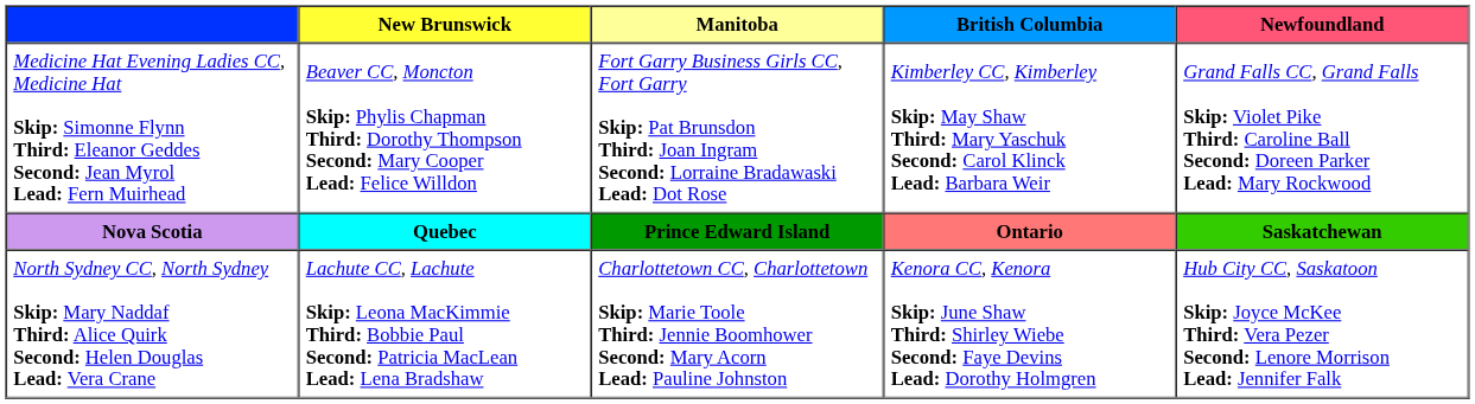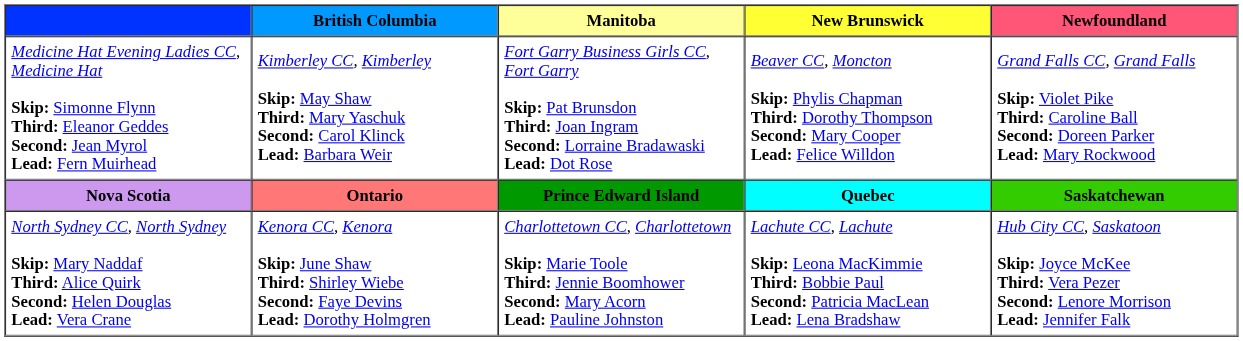 <table border=1 cellpadding=5 cellspacing=0>
 <tr>
 <th bgcolor="#0033ff" width="225"></th>
+<th bgcolor="#0099ff" width="225">British Columbia</th>
+<th bgcolor="#ffff99" width="225">Manitoba</th>
 <th bgcolor="#ffff33" width="225">New Brunswick</th>
-<th bgcolor="#ffff99" width="225">Manitoba</th>
-<th bgcolor="#0099ff" width="225">British Columbia</th>
 <th bgcolor="#ff5577" width="225">Newfoundland</th>
 </tr>
 <tr>
 <td><em><a href='#'>Medicine Hat Evening Ladies CC</a>, <a href='#'>Medicine Hat</a></em> <br><br><strong>Skip:</strong> <a href='#'>Simonne Flynn</a> <br> <strong>Third:</strong> <a href='#'>Eleanor Geddes</a> <br> <strong>Second:</strong> <a href='#'>Jean Myrol</a> <br> <strong>Lead:</strong> <a href='#'>Fern Muirhead</a></td>
+<td><em><a href='#'>Kimberley CC</a>, <a href='#'>Kimberley</a></em> <br><br><strong>Skip:</strong>  <a href='#'>May Shaw</a> <br> <strong>Third:</strong>  <a href='#'>Mary Yaschuk</a> <br> <strong>Second:</strong>  <a href='#'>Carol Klinck</a> <br> <strong>Lead:</strong> <a href='#'>Barbara Weir</a></td>
+<td><em><a href='#'>Fort Garry Business Girls CC</a>, <a href='#'>Fort Garry</a></em> <br><br><strong>Skip:</strong> <a href='#'>Pat Brunsdon</a> <br> <strong>Third:</strong> <a href='#'>Joan Ingram</a> <br> <strong>Second:</strong> <a href='#'>Lorraine Bradawaski</a> <br> <strong>Lead:</strong> <a href='#'>Dot Rose</a></td>
 <td><em><a href='#'>Beaver CC</a>, <a href='#'>Moncton</a></em> <br><br><strong>Skip:</strong> <a href='#'>Phylis Chapman</a> <br> <strong>Third:</strong> <a href='#'>Dorothy Thompson</a> <br> <strong>Second:</strong> <a href='#'>Mary Cooper</a> <br> <strong>Lead:</strong> <a href='#'>Felice Willdon</a></td>
-<td><em><a href='#'>Fort Garry Business Girls CC</a>, <a href='#'>Fort Garry</a></em> <br><br><strong>Skip:</strong> <a href='#'>Pat Brunsdon</a> <br> <strong>Third:</strong> <a href='#'>Joan Ingram</a> <br> <strong>Second:</strong> <a href='#'>Lorraine Bradawaski</a> <br> <strong>Lead:</strong> <a href='#'>Dot Rose</a></td>
-<td><em><a href='#'>Kimberley CC</a>, <a href='#'>Kimberley</a></em> <br><br><strong>Skip:</strong>  <a href='#'>May Shaw</a> <br> <strong>Third:</strong>  <a href='#'>Mary Yaschuk</a> <br> <strong>Second:</strong>  <a href='#'>Carol Klinck</a> <br> <strong>Lead:</strong> <a href='#'>Barbara Weir</a></td>
 <td><em><a href='#'>Grand Falls CC</a>, <a href='#'>Grand Falls</a></em> <br><br><strong>Skip:</strong> <a href='#'>Violet Pike</a> <br> <strong>Third:</strong> <a href='#'>Caroline Ball</a> <br> <strong>Second:</strong> <a href='#'>Doreen Parker</a> <br> <strong>Lead:</strong> <a href='#'>Mary Rockwood</a></td>
 </tr>
 <tr border=1 cellpadding=5 cellspacing=0>
 <th bgcolor="#cc99ee" width="200">Nova Scotia</th>
+<th bgcolor="#ff7777" width="200">Ontario</th>
+<th bgcolor="#009900" width="200">Prince Edward Island</th>
 <th bgcolor="#00ffff" width="200">Quebec</th>
-<th bgcolor="#009900" width="200">Prince Edward Island</th>
-<th bgcolor="#ff7777" width="200">Ontario</th>
 <th bgcolor="#33cc00" width="200">Saskatchewan</th>
 </tr>
 <tr>
 <td><em><a href='#'>North Sydney CC</a>, <a href='#'>North Sydney</a></em> <br><br><strong>Skip:</strong> <a href='#'>Mary Naddaf</a> <br> <strong>Third:</strong> <a href='#'>Alice Quirk</a> <br> <strong>Second:</strong> <a href='#'>Helen Douglas</a> <br> <strong>Lead:</strong> <a href='#'>Vera Crane</a></td>
+<td><em><a href='#'>Kenora CC</a>, <a href='#'>Kenora</a></em> <br><br><strong>Skip:</strong> <a href='#'>June Shaw</a> <br> <strong>Third:</strong> <a href='#'>Shirley Wiebe</a> <br> <strong>Second:</strong> <a href='#'>Faye Devins</a> <br> <strong>Lead:</strong> <a href='#'>Dorothy Holmgren</a></td>
+<td><em><a href='#'>Charlottetown CC</a>, <a href='#'>Charlottetown</a></em> <br><br><strong>Skip:</strong> <a href='#'>Marie Toole</a><br> <strong>Third:</strong> <a href='#'>Jennie Boomhower</a><br> <strong>Second:</strong> <a href='#'>Mary Acorn</a><br> <strong>Lead:</strong> <a href='#'>Pauline Johnston</a></td>
 <td><em><a href='#'>Lachute CC</a>, <a href='#'>Lachute</a></em> <br><br><strong>Skip:</strong> <a href='#'>Leona MacKimmie</a> <br> <strong>Third:</strong> <a href='#'>Bobbie Paul</a> <br> <strong>Second:</strong> <a href='#'>Patricia MacLean</a> <br> <strong>Lead:</strong> <a href='#'>Lena Bradshaw</a></td>
-<td><em><a href='#'>Charlottetown CC</a>, <a href='#'>Charlottetown</a></em> <br><br><strong>Skip:</strong> <a href='#'>Marie Toole</a><br> <strong>Third:</strong> <a href='#'>Jennie Boomhower</a><br> <strong>Second:</strong> <a href='#'>Mary Acorn</a><br> <strong>Lead:</strong> <a href='#'>Pauline Johnston</a></td>
-<td><em><a href='#'>Kenora CC</a>, <a href='#'>Kenora</a></em> <br><br><strong>Skip:</strong> <a href='#'>June Shaw</a> <br> <strong>Third:</strong> <a href='#'>Shirley Wiebe</a> <br> <strong>Second:</strong> <a href='#'>Faye Devins</a> <br> <strong>Lead:</strong> <a href='#'>Dorothy Holmgren</a></td>
 <td><em><a href='#'>Hub City CC</a>, <a href='#'>Saskatoon</a></em> <br><br><strong>Skip:</strong> <a href='#'>Joyce McKee</a> <br> <strong>Third:</strong> <a href='#'>Vera Pezer</a><br> <strong>Second:</strong> <a href='#'>Lenore Morrison</a><br> <strong>Lead:</strong> <a href='#'>Jennifer Falk</a></td>
 </tr>
 </table>
